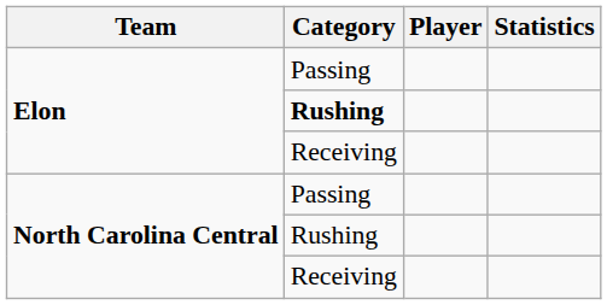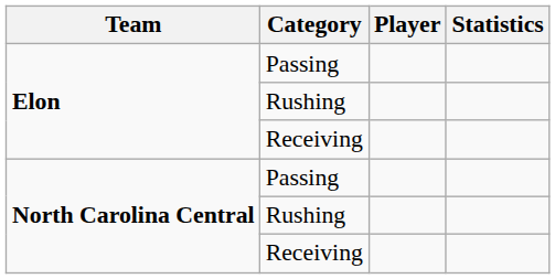 <table class="wikitable" style="float: right;">
 <tr>
 <th>Team</th>
 <th>Category</th>
 <th>Player</th>
 <th>Statistics</th>
 </tr>
 <tr>
 <td rowspan=3><strong>Elon</strong></td>
 <td>Passing</td>
 <td></td>
 <td></td>
 </tr>
 <tr>
-<td><strong>Rushing</strong></td>
+<td>Rushing</td>
 <td></td>
 <td></td>
 </tr>
 <tr>
 <td>Receiving</td>
 <td></td>
 <td></td>
 </tr>
 <tr>
 <td rowspan=3><strong>North Carolina Central</strong></td>
 <td>Passing</td>
 <td></td>
 <td></td>
 </tr>
 <tr>
 <td>Rushing</td>
 <td></td>
 <td></td>
 </tr>
 <tr>
 <td>Receiving</td>
 <td></td>
 <td></td>
 </tr>
 </table>
